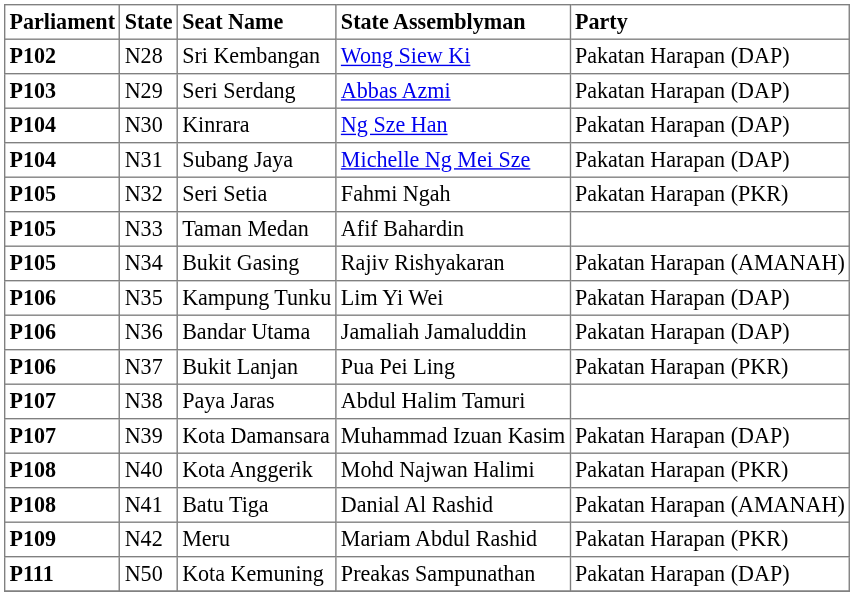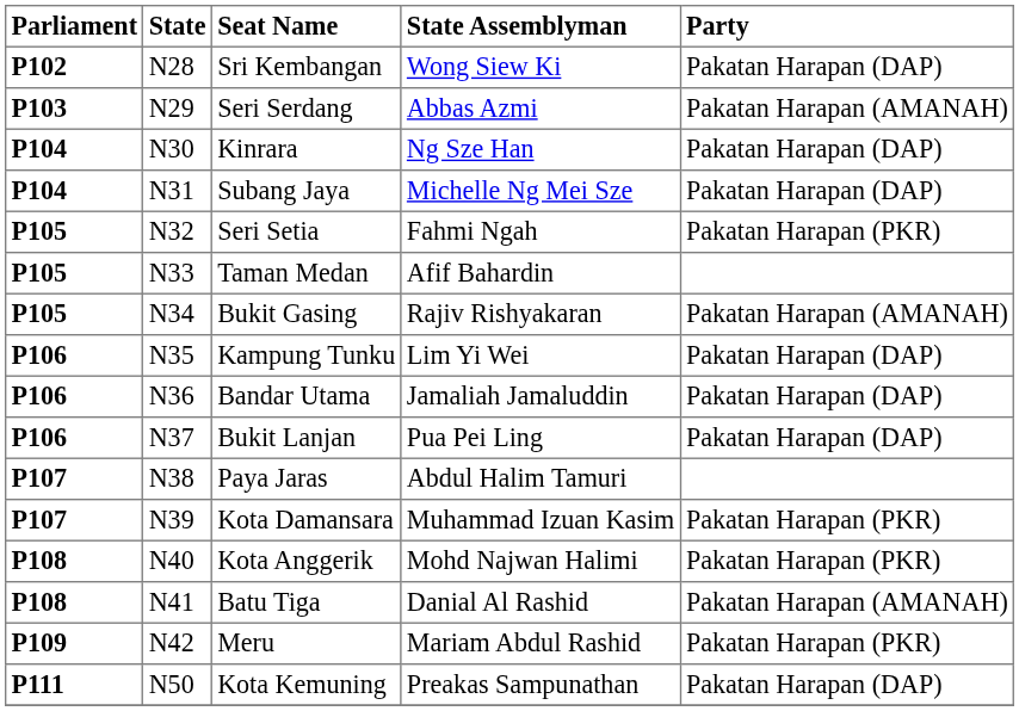 <table class="toccolours sortable" border="1" cellpadding="3" style="border-collapse:collapse; text-align: left;">
 <tr>
 <th align="center">Parliament</th>
 <th>State</th>
 <th>Seat Name</th>
 <th>State Assemblyman</th>
 <th>Party</th>
 </tr>
 <tr>
 <th align="left">P102</th>
 <td>N28</td>
 <td>Sri Kembangan</td>
 <td><a href='#'>Wong Siew Ki</a></td>
 <td>Pakatan Harapan (DAP)</td>
 </tr>
 <tr>
 <th align="left">P103</th>
 <td>N29</td>
 <td>Seri Serdang</td>
 <td><a href='#'> Abbas Azmi</a></td>
-<td>Pakatan Harapan (DAP)</td>
+<td>Pakatan Harapan (AMANAH)</td>
 </tr>
 <tr>
 <th align="left">P104</th>
 <td>N30</td>
 <td>Kinrara</td>
 <td><a href='#'>Ng Sze Han</a></td>
 <td>Pakatan Harapan (DAP)</td>
 </tr>
 <tr>
 <th align="left">P104</th>
 <td>N31</td>
 <td>Subang Jaya</td>
 <td><a href='#'> Michelle Ng Mei Sze</a></td>
 <td>Pakatan Harapan (DAP)</td>
 </tr>
 <tr>
 <th align="left">P105</th>
 <td>N32</td>
 <td>Seri Setia</td>
 <td>Fahmi Ngah</td>
 <td>Pakatan Harapan (PKR)</td>
 </tr>
 <tr>
 <th align="left">P105</th>
 <td>N33</td>
 <td>Taman Medan</td>
 <td>Afif Bahardin</td>
 <td></td>
 </tr>
 <tr>
 <th align="left">P105</th>
 <td>N34</td>
 <td>Bukit Gasing</td>
 <td>Rajiv Rishyakaran</td>
 <td>Pakatan Harapan (AMANAH)</td>
 </tr>
 <tr>
 <th align="left">P106</th>
 <td>N35</td>
 <td>Kampung Tunku</td>
 <td>Lim Yi Wei</td>
 <td>Pakatan Harapan (DAP)</td>
 </tr>
 <tr>
 <th align="left">P106</th>
 <td>N36</td>
 <td>Bandar Utama</td>
 <td>Jamaliah Jamaluddin</td>
 <td>Pakatan Harapan (DAP)</td>
 </tr>
 <tr>
 <th align="left">P106</th>
 <td>N37</td>
 <td>Bukit Lanjan</td>
 <td>Pua Pei Ling</td>
-<td>Pakatan Harapan (PKR)</td>
+<td>Pakatan Harapan (DAP)</td>
 </tr>
 <tr>
 <th align="left">P107</th>
 <td>N38</td>
 <td>Paya Jaras</td>
 <td>Abdul Halim Tamuri</td>
 <td></td>
 </tr>
 <tr>
 <th align="left">P107</th>
 <td>N39</td>
 <td>Kota Damansara</td>
 <td>Muhammad Izuan Kasim</td>
-<td>Pakatan Harapan (DAP)</td>
+<td>Pakatan Harapan (PKR)</td>
 </tr>
 <tr>
 <th align="left">P108</th>
 <td>N40</td>
 <td>Kota Anggerik</td>
 <td>Mohd Najwan Halimi</td>
 <td>Pakatan Harapan (PKR)</td>
 </tr>
 <tr>
 <th align="left">P108</th>
 <td>N41</td>
 <td>Batu Tiga</td>
 <td>Danial Al Rashid</td>
 <td>Pakatan Harapan (AMANAH)</td>
 </tr>
 <tr>
 <th align="left">P109</th>
 <td>N42</td>
 <td>Meru</td>
 <td>Mariam Abdul Rashid</td>
 <td>Pakatan Harapan (PKR)</td>
 </tr>
 <tr>
 <th align="left">P111</th>
 <td>N50</td>
 <td>Kota Kemuning</td>
 <td>Preakas Sampunathan</td>
 <td>Pakatan Harapan (DAP)</td>
 </tr>
 <tr>
 </tr>
 </table>
